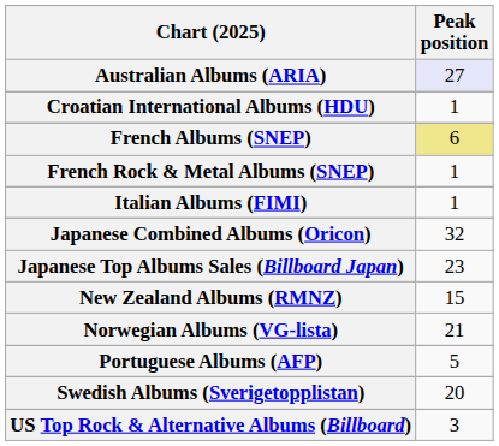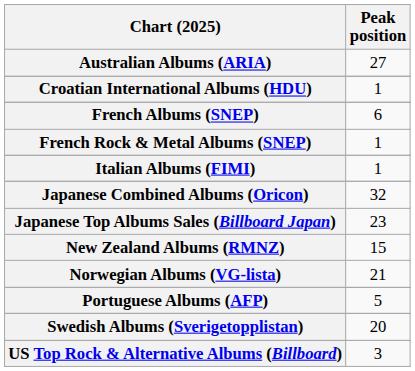 <table class="wikitable sortable plainrowheaders" style="text-align:center">
 <tr>
 <th scope="col">Chart (2025)</th>
 <th scope="col">Peak<br>position</th>
 </tr>
 <tr>
 <th scope="row">Australian Albums (<a href='#'>ARIA</a>)</th>
-<td style="background: lavender;">27</td>
+<td>27</td>
 </tr>
 <tr>
 </tr>
 <tr>
 </tr>
 <tr>
 </tr>
 <tr>
 </tr>
 <tr>
 <th scope="row">Croatian International Albums (<a href='#'>HDU</a>)</th>
 <td>1</td>
 </tr>
 <tr>
 </tr>
 <tr>
 </tr>
 <tr>
 </tr>
 <tr>
 <th scope="row">French Albums (<a href='#'>SNEP</a>)</th>
-<td style="background: khaki;">6</td>
+<td>6</td>
 </tr>
 <tr>
 <th scope="row">French Rock & Metal Albums (<a href='#'>SNEP</a>)</th>
 <td>1</td>
 </tr>
 <tr>
 </tr>
 <tr>
 </tr>
 <tr>
 </tr>
 <tr>
 <th scope="row">Italian Albums (<a href='#'>FIMI</a>)</th>
 <td>1</td>
 </tr>
 <tr>
 </tr>
 <tr>
 <th scope="row">Japanese Combined Albums (<a href='#'>Oricon</a>)</th>
 <td>32</td>
 </tr>
 <tr>
 <th scope="row">Japanese Top Albums Sales (<em><a href='#'>Billboard Japan</a></em>)</th>
 <td>23</td>
 </tr>
 <tr>
 <th scope="row">New Zealand Albums (<a href='#'>RMNZ</a>)</th>
 <td>15</td>
 </tr>
 <tr>
 <th scope="row">Norwegian Albums (<a href='#'>VG-lista</a>)</th>
 <td>21</td>
 </tr>
 <tr>
 </tr>
 <tr>
 <th scope="row">Portuguese Albums (<a href='#'>AFP</a>)</th>
 <td>5</td>
 </tr>
 <tr>
 </tr>
 <tr>
 </tr>
 <tr>
 <th scope="row">Swedish Albums (<a href='#'>Sverigetopplistan</a>)</th>
 <td>20</td>
 </tr>
 <tr>
 </tr>
 <tr>
 </tr>
 <tr>
 </tr>
 <tr>
 </tr>
 <tr>
 <th scope="row">US <a href='#'>Top Rock & Alternative Albums</a> (<em><a href='#'>Billboard</a></em>)</th>
 <td>3</td>
 </tr>
 </table>
